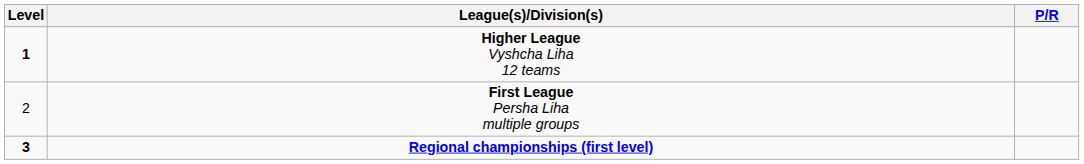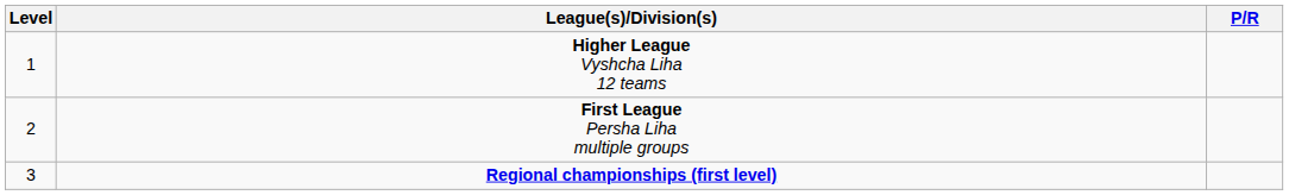 <table class="wikitable" style="text-align:center">
 <tr>
 <th style="width:4%">Level</th>
 <th colspan="2" style="width:90%">League(s)/Division(s)</th>
 <th style="width:6%"><a href='#'>P/R</a></th>
 </tr>
 <tr bgcolor=>
-<td><strong>1</strong></td>
+<td>1</td>
 <td colspan="2"><strong>Higher League</strong><br><em>Vyshcha Liha</em><br><em>12 teams</em></td>
 <td></td>
 </tr>
 <tr bgcolor=>
 <td>2</td>
 <td colspan="2"><strong>First League</strong><br><em>Persha Liha</em><br><em>multiple groups</em></td>
 <td></td>
 </tr>
 <tr bgcolor=>
-<td><strong>3</strong></td>
+<td>3</td>
 <td colspan="2"><strong><a href='#'>Regional championships (first level)</a></strong></td>
 <td></td>
 </tr>
 </table>
